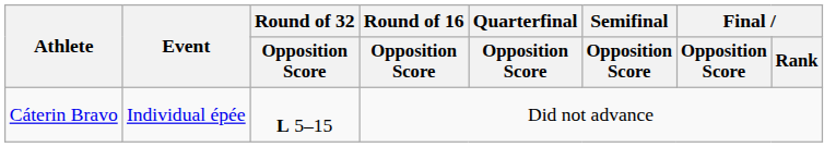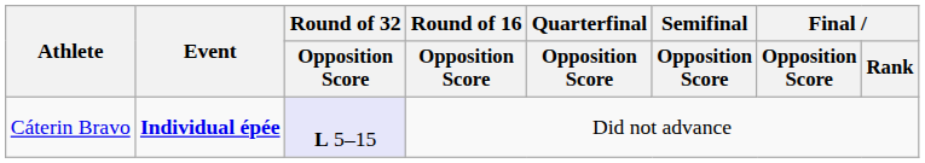 <table class="wikitable" style="font-size:90%">
 <tr>
 <th rowspan="2">Athlete</th>
 <th rowspan="2">Event</th>
 <th>Round of 32</th>
 <th>Round of 16</th>
 <th>Quarterfinal</th>
 <th>Semifinal</th>
 <th colspan=2>Final / </th>
 </tr>
 <tr style="font-size:95%">
 <th>Opposition <br> Score</th>
 <th>Opposition <br> Score</th>
 <th>Opposition <br> Score</th>
 <th>Opposition <br> Score</th>
 <th>Opposition <br> Score</th>
 <th>Rank</th>
 </tr>
 <tr align=center>
 <td align=left><a href='#'>Cáterin Bravo</a></td>
-<td align=left><a href='#'>Individual épée</a></td>
-<td><br><strong>L</strong> 5–15</td>
+<td align=left><strong><a href='#'>Individual épée</a></strong></td>
+<td style="background: lavender;"><br><strong>L</strong> 5–15</td>
 <td colspan=5>Did not advance</td>
 </tr>
 </table>
